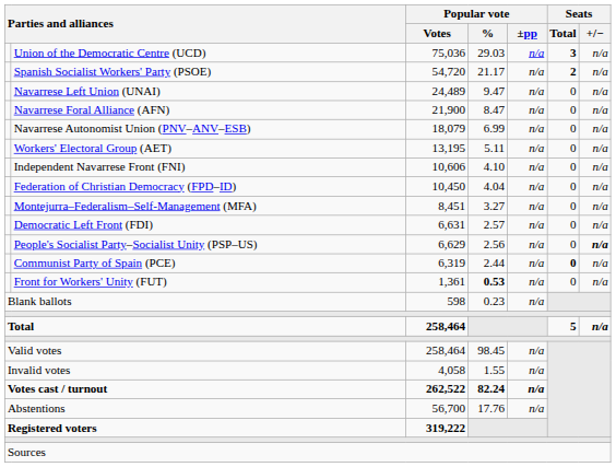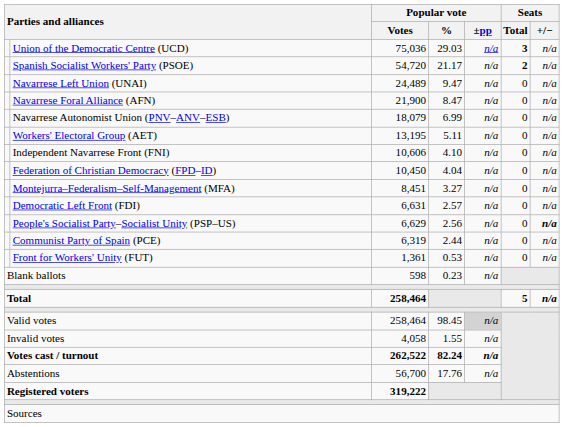 <table class="wikitable" style="text-align:right;">
 <tr>
 <th style="text-align:left;" rowspan="2" colspan="2" width="525">Parties and alliances</th>
 <th colspan="3">Popular vote</th>
 <th colspan="2">Seats</th>
 </tr>
 <tr>
 <th width="75">Votes</th>
 <th width="45">%</th>
 <th width="45">±<a href='#'>pp</a></th>
 <th width="35">Total</th>
 <th width="35">+/−</th>
 </tr>
 <tr>
 <td width="1" style="color:inherit;background:"></td>
 <td align="left"><a href='#'>Union of the Democratic Centre</a> (UCD)</td>
 <td>75,036</td>
 <td>29.03</td>
 <td><em><a href='#'>n/a</a></em></td>
 <td><strong>3</strong></td>
 <td><em>n/a</em></td>
 </tr>
 <tr>
 <td style="color:inherit;background:"></td>
 <td align="left"><a href='#'>Spanish Socialist Workers' Party</a> (PSOE)</td>
 <td>54,720</td>
 <td>21.17</td>
 <td><em>n/a</em></td>
 <td><strong>2</strong></td>
 <td><em>n/a</em></td>
 </tr>
 <tr>
 <td style="color:inherit;background:"></td>
 <td align="left"><a href='#'>Navarrese Left Union</a> (UNAI)</td>
 <td>24,489</td>
 <td>9.47</td>
 <td><em>n/a</em></td>
 <td>0</td>
 <td><em>n/a</em></td>
 </tr>
 <tr>
 <td style="color:inherit;background:"></td>
 <td align="left"><a href='#'>Navarrese Foral Alliance</a> (AFN)</td>
 <td>21,900</td>
 <td>8.47</td>
 <td><em>n/a</em></td>
 <td>0</td>
 <td><em>n/a</em></td>
 </tr>
 <tr>
 <td style="color:inherit;background:"></td>
 <td align="left">Navarrese Autonomist Union (<a href='#'>PNV</a>–<a href='#'>ANV</a>–<a href='#'>ESB</a>)</td>
 <td>18,079</td>
 <td>6.99</td>
 <td><em>n/a</em></td>
 <td>0</td>
 <td><em>n/a</em></td>
 </tr>
 <tr>
 <td style="color:inherit;background:"></td>
 <td align="left"><a href='#'>Workers' Electoral Group</a> (AET)</td>
 <td>13,195</td>
 <td>5.11</td>
 <td><em>n/a</em></td>
 <td>0</td>
 <td><em>n/a</em></td>
 </tr>
 <tr>
 <td style="color:inherit;background:"></td>
 <td align="left">Independent Navarrese Front (FNI)</td>
 <td>10,606</td>
 <td>4.10</td>
 <td><em>n/a</em></td>
 <td>0</td>
 <td><em>n/a</em></td>
 </tr>
 <tr>
 <td style="color:inherit;background:"></td>
 <td align="left"><a href='#'>Federation of Christian Democracy</a> (<a href='#'>FPD</a>–<a href='#'>ID</a>)</td>
 <td>10,450</td>
 <td>4.04</td>
 <td><em>n/a</em></td>
 <td>0</td>
 <td><em>n/a</em></td>
 </tr>
 <tr>
 <td style="color:inherit;background:"></td>
 <td align="left"><a href='#'>Montejurra–Federalism–Self-Management</a> (MFA)</td>
 <td>8,451</td>
 <td>3.27</td>
 <td><em>n/a</em></td>
 <td>0</td>
 <td><em>n/a</em></td>
 </tr>
 <tr>
 <td style="color:inherit;background:"></td>
 <td align="left"><a href='#'>Democratic Left Front</a> (FDI)</td>
 <td>6,631</td>
 <td>2.57</td>
 <td><em>n/a</em></td>
 <td>0</td>
 <td><em>n/a</em></td>
 </tr>
 <tr>
 <td style="color:inherit;background:"></td>
 <td align="left"><a href='#'>People's Socialist Party</a>–<a href='#'>Socialist Unity</a> (PSP–US)</td>
 <td>6,629</td>
 <td>2.56</td>
 <td><em>n/a</em></td>
 <td>0</td>
 <td><strong><em>n/a</em></strong></td>
 </tr>
 <tr>
 <td style="color:inherit;background:"></td>
 <td align="left"><a href='#'>Communist Party of Spain</a> (PCE)</td>
 <td>6,319</td>
 <td>2.44</td>
 <td><em>n/a</em></td>
-<td><strong>0</strong></td>
+<td>0</td>
 <td><em>n/a</em></td>
 </tr>
 <tr>
 <td style="color:inherit;background:"></td>
 <td align="left"><a href='#'>Front for Workers' Unity</a> (FUT)</td>
 <td>1,361</td>
-<td><strong>0.53</strong></td>
+<td>0.53</td>
 <td><em>n/a</em></td>
 <td>0</td>
 <td><em>n/a</em></td>
 </tr>
 <tr>
 <td align="left" colspan="2">Blank ballots</td>
 <td>598</td>
 <td>0.23</td>
 <td><em>n/a</em></td>
 <td bgcolor="#E9E9E9" colspan="2"></td>
 </tr>
 <tr>
 <td colspan="7" bgcolor="#E9E9E9"></td>
 </tr>
 <tr style="font-weight:bold;">
 <td align="left" colspan="2">Total</td>
 <td>258,464</td>
 <td bgcolor="#E9E9E9" colspan="2"></td>
 <td>5</td>
 <td><em>n/a</em></td>
 </tr>
 <tr>
 <td colspan="7" bgcolor="#E9E9E9"></td>
 </tr>
 <tr>
 <td align="left" colspan="2">Valid votes</td>
 <td>258,464</td>
 <td>98.45</td>
-<td><em>n/a</em></td>
+<td style="background: lightgrey;"><em>n/a</em></td>
 <td bgcolor="#E9E9E9" colspan="2" rowspan="5"></td>
 </tr>
 <tr>
 <td align="left" colspan="2">Invalid votes</td>
 <td>4,058</td>
 <td>1.55</td>
 <td><em>n/a</em></td>
 </tr>
 <tr style="font-weight:bold;">
 <td align="left" colspan="2">Votes cast / turnout</td>
 <td>262,522</td>
 <td>82.24</td>
 <td><em>n/a</em></td>
 </tr>
 <tr>
 <td align="left" colspan="2">Abstentions</td>
 <td>56,700</td>
 <td>17.76</td>
 <td><em>n/a</em></td>
 </tr>
 <tr style="font-weight:bold;">
 <td align="left" colspan="2">Registered voters</td>
 <td>319,222</td>
 <td bgcolor="#E9E9E9" colspan="2"></td>
 </tr>
 <tr>
 <td colspan="7" bgcolor="#E9E9E9"></td>
 </tr>
 <tr>
 <td align="left" colspan="7">Sources</td>
 </tr>
 </table>
